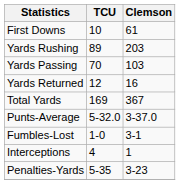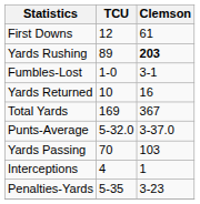 <table class="wikitable">
 <tr>
 <th>Statistics</th>
 <th>TCU</th>
 <th>Clemson</th>
 </tr>
 <tr>
 <td>First Downs</td>
-<td>10</td>
+<td>12</td>
 <td>61</td>
 </tr>
 <tr>
 <td>Yards Rushing</td>
 <td>89</td>
-<td>203</td>
+<td><strong>203</strong></td>
 </tr>
 <tr>
-<td>Yards Passing</td>
-<td>70</td>
-<td>103</td>
+<td>Fumbles-Lost</td>
+<td>1-0</td>
+<td>3-1</td>
 </tr>
 <tr>
 <td>Yards Returned</td>
-<td>12</td>
+<td>10</td>
 <td>16</td>
 </tr>
 <tr>
 <td>Total Yards</td>
 <td>169</td>
 <td>367</td>
 </tr>
 <tr>
 <td>Punts-Average</td>
 <td>5-32.0</td>
 <td>3-37.0</td>
 </tr>
 <tr>
-<td>Fumbles-Lost</td>
-<td>1-0</td>
-<td>3-1</td>
+<td>Yards Passing</td>
+<td>70</td>
+<td>103</td>
 </tr>
 <tr>
 <td>Interceptions</td>
 <td>4</td>
 <td>1</td>
 </tr>
 <tr>
 <td>Penalties-Yards</td>
 <td>5-35</td>
 <td>3-23</td>
 </tr>
 <tr>
 </tr>
 </table>
